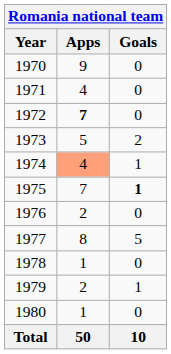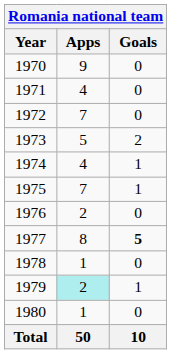 <table class="wikitable" style="text-align:center">
 <tr>
 <th colspan=3><a href='#'>Romania national team</a></th>
 </tr>
 <tr>
 <th>Year</th>
 <th>Apps</th>
 <th>Goals</th>
 </tr>
 <tr>
 <td>1970</td>
 <td>9</td>
 <td>0</td>
 </tr>
 <tr>
 <td>1971</td>
 <td>4</td>
 <td>0</td>
 </tr>
 <tr>
 <td>1972</td>
-<td><strong>7</strong></td>
+<td>7</td>
 <td>0</td>
 </tr>
 <tr>
 <td>1973</td>
 <td>5</td>
 <td>2</td>
 </tr>
 <tr>
 <td>1974</td>
-<td style="background: lightsalmon;">4</td>
+<td>4</td>
 <td>1</td>
 </tr>
 <tr>
 <td>1975</td>
 <td>7</td>
-<td><strong>1</strong></td>
+<td>1</td>
 </tr>
 <tr>
 <td>1976</td>
 <td>2</td>
 <td>0</td>
 </tr>
 <tr>
 <td>1977</td>
 <td>8</td>
-<td>5</td>
+<td><strong>5</strong></td>
 </tr>
 <tr>
 <td>1978</td>
 <td>1</td>
 <td>0</td>
 </tr>
 <tr>
 <td>1979</td>
-<td>2</td>
+<td style="background: paleturquoise;">2</td>
 <td>1</td>
 </tr>
 <tr>
 <td>1980</td>
 <td>1</td>
 <td>0</td>
 </tr>
 <tr>
 <th>Total</th>
 <th>50</th>
 <th>10</th>
 </tr>
 </table>
